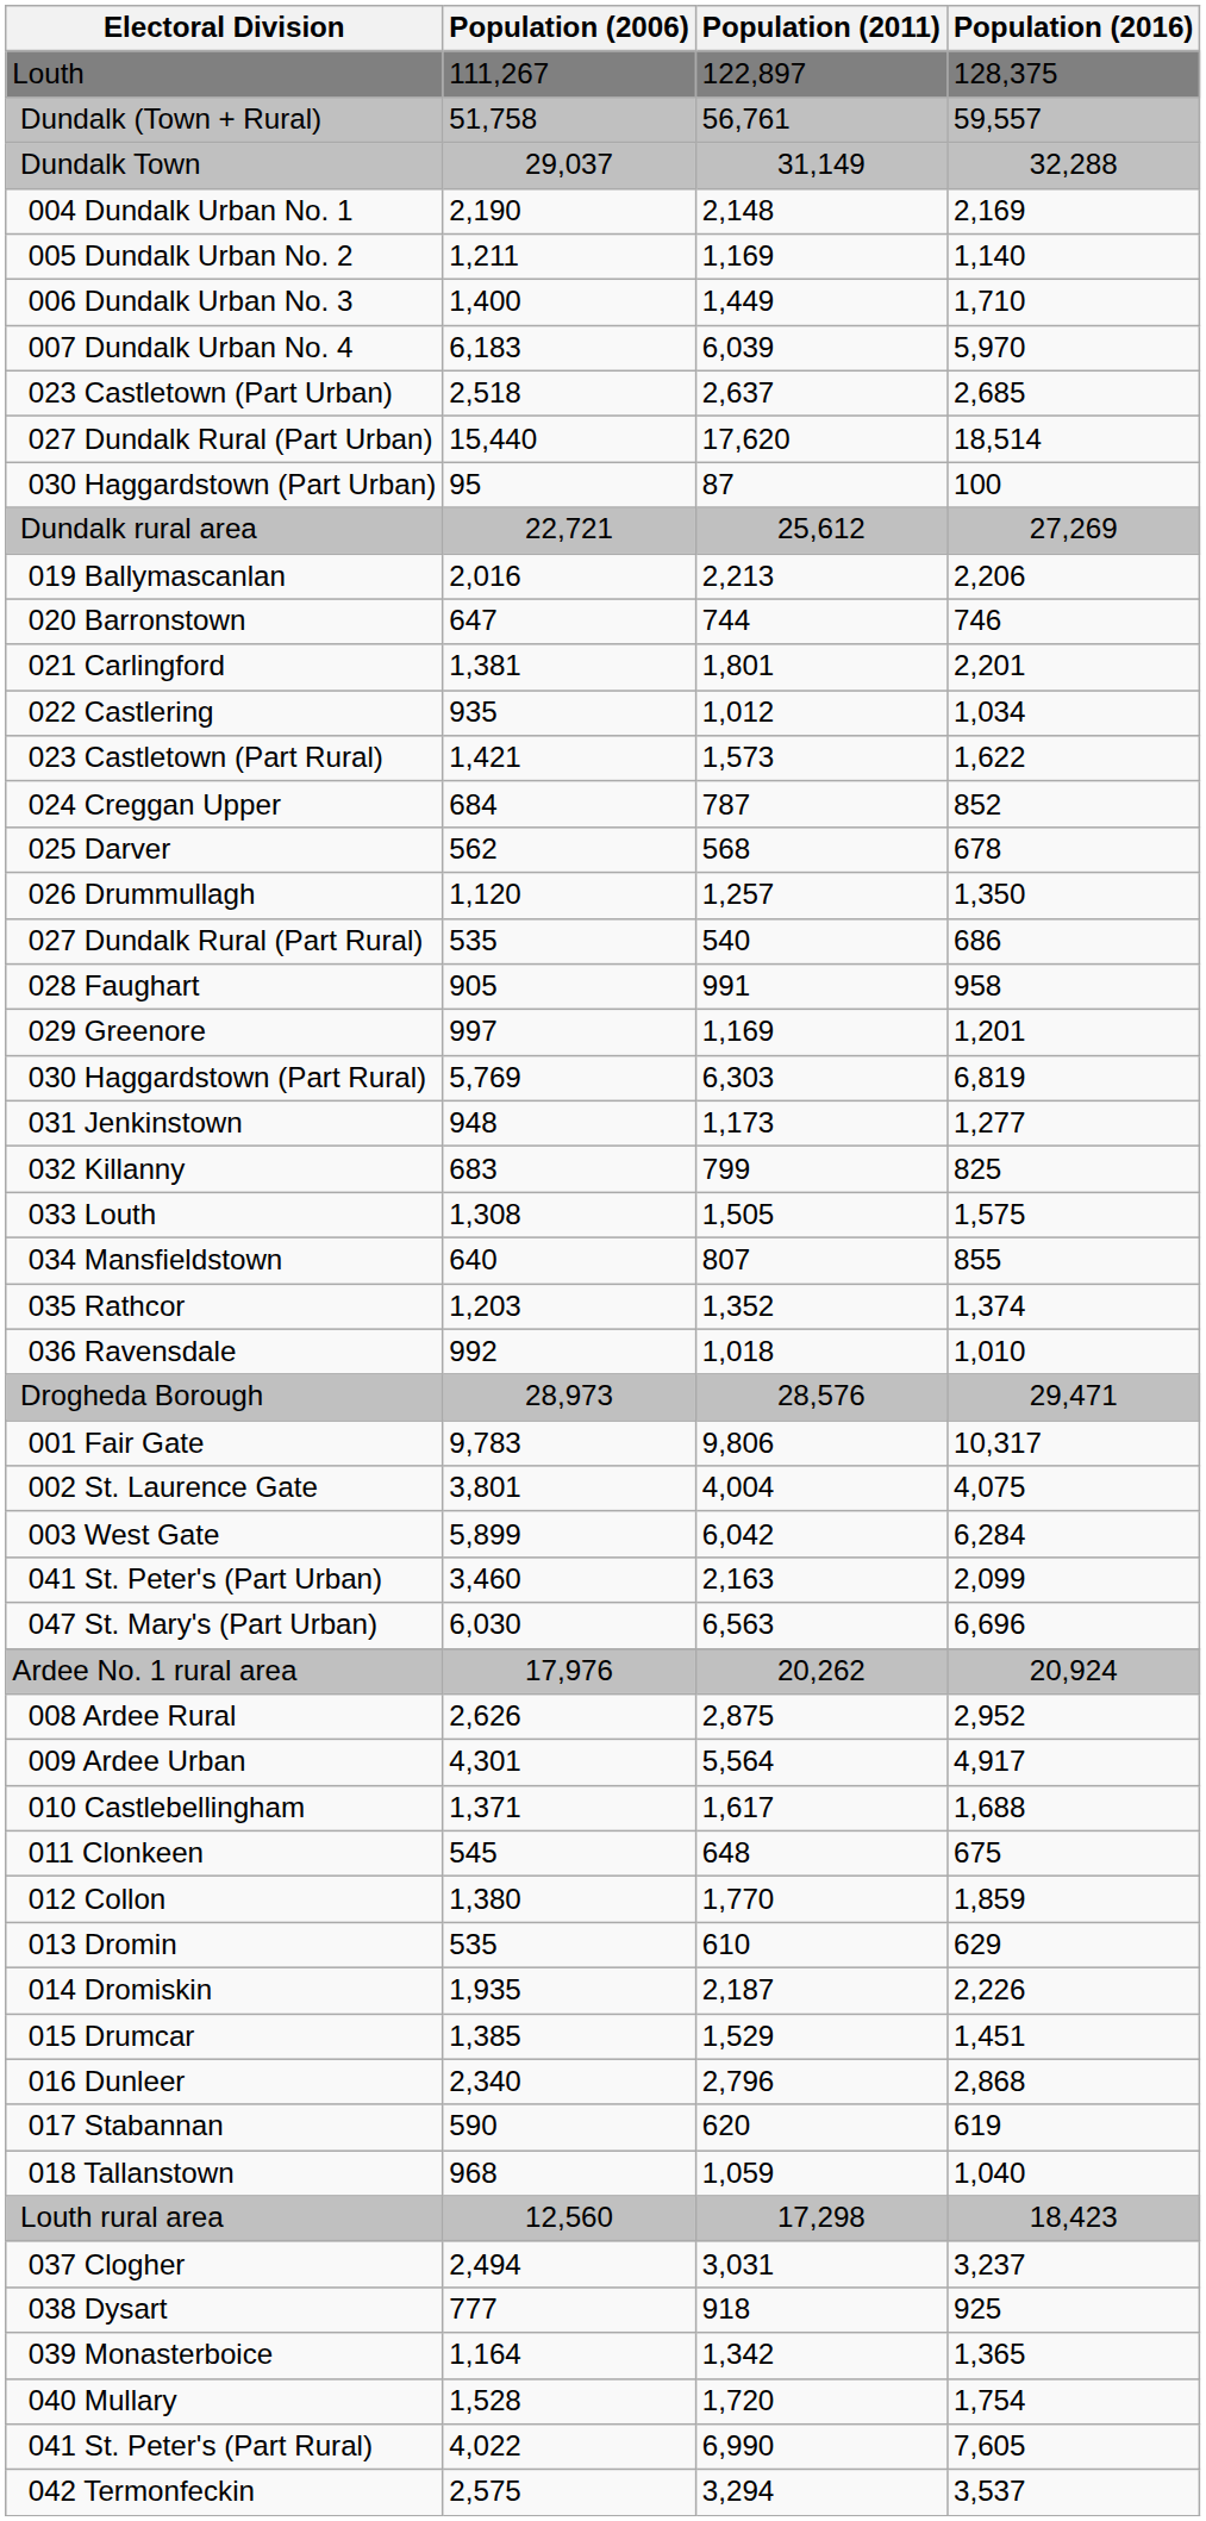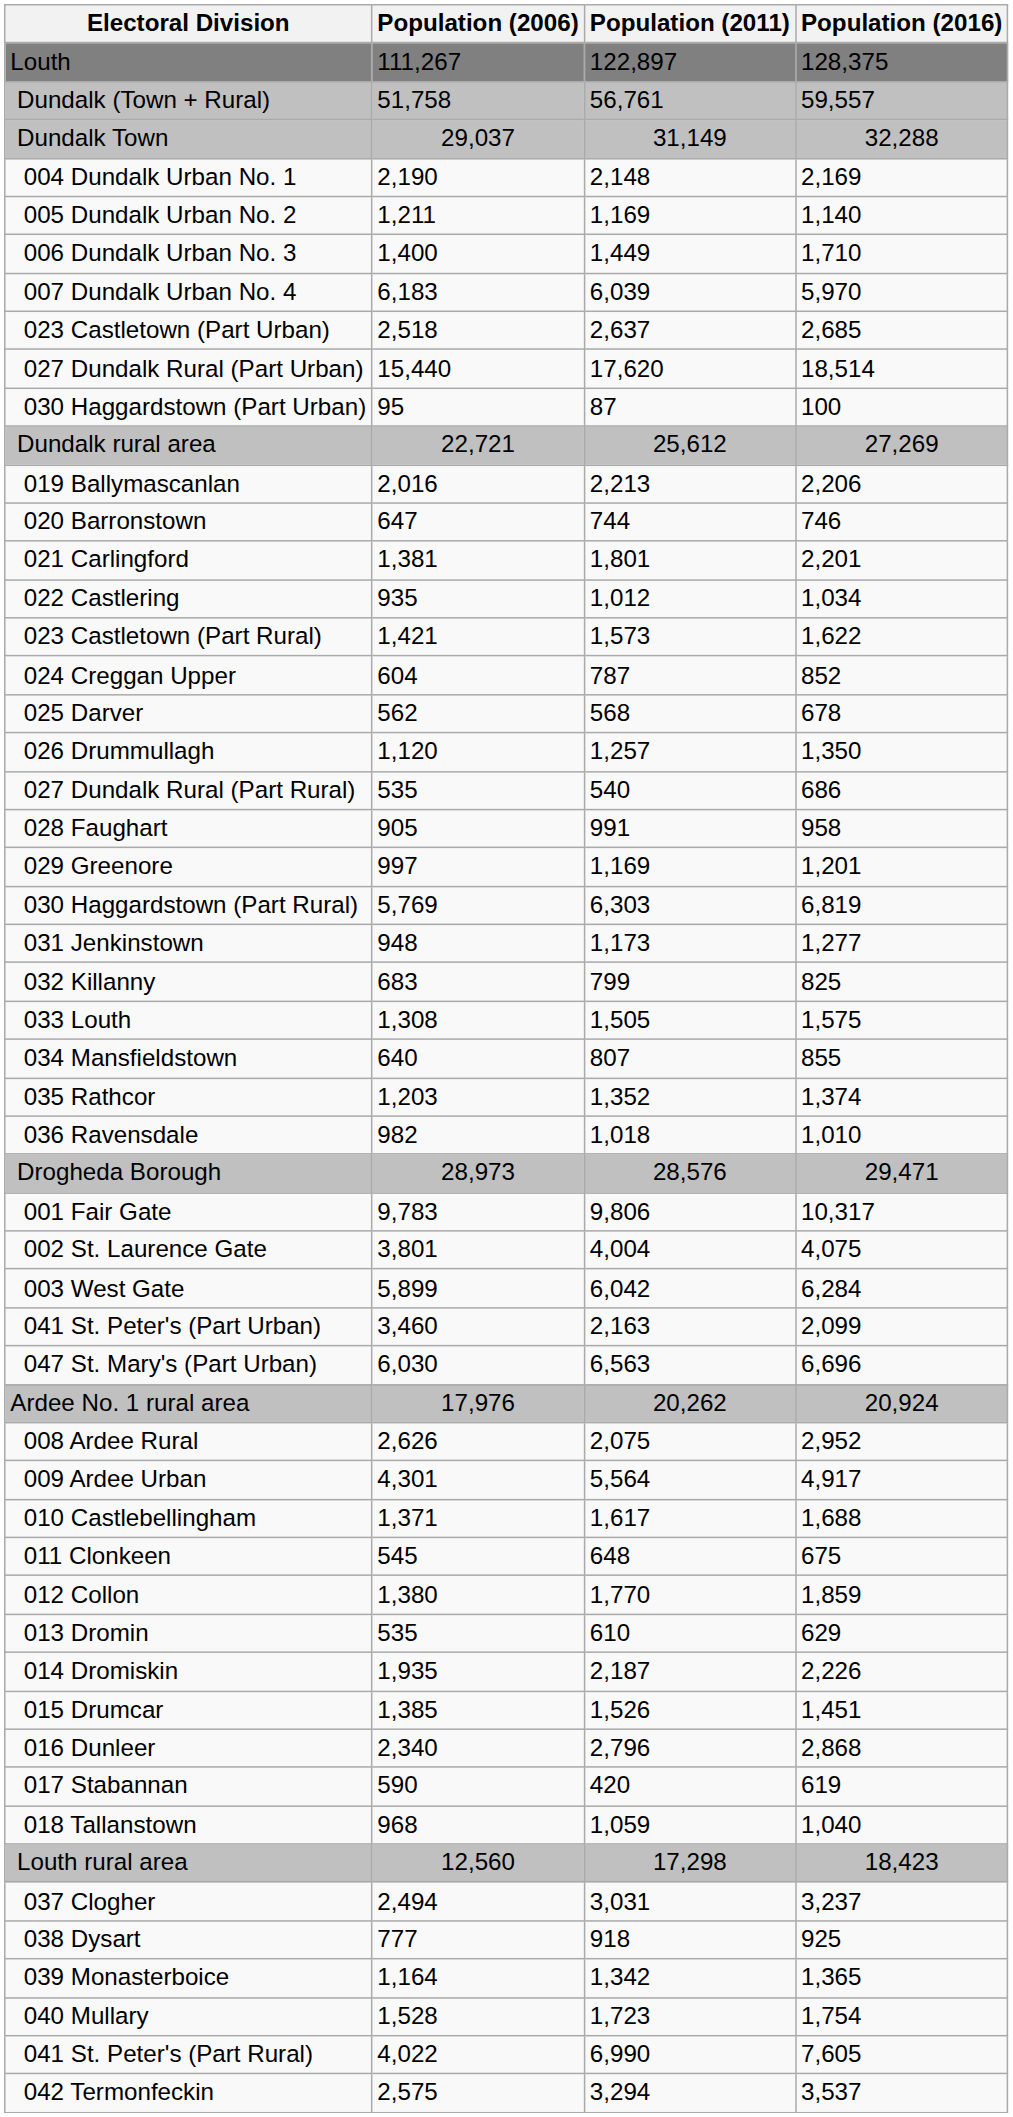 <table class="wikitable collapsible collapsed">
 <tr>
 <th align="left">Electoral Division</th>
 <th align="left">Population (2006)</th>
 <th align="left">Population (2011)</th>
 <th align="left">Population (2016)</th>
 </tr>
 <tr style="background: grey">
 <td>Louth</td>
 <td>111,267</td>
 <td>122,897</td>
 <td>128,375</td>
 </tr>
 <tr style="background: silver">
 <td> Dundalk (Town + Rural)</td>
 <td>51,758</td>
 <td>56,761</td>
 <td>59,557</td>
 </tr>
 <tr style="background: silver">
 <td> Dundalk Town</td>
 <td align="center">29,037</td>
 <td align="center">31,149</td>
 <td align="center">32,288</td>
 </tr>
 <tr>
 <td>  004 Dundalk Urban No. 1</td>
 <td>2,190</td>
 <td>2,148</td>
 <td>2,169</td>
 </tr>
 <tr>
 <td>  005 Dundalk Urban No. 2</td>
 <td>1,211</td>
 <td>1,169</td>
 <td>1,140</td>
 </tr>
 <tr>
 <td>  006 Dundalk Urban No. 3</td>
 <td>1,400</td>
 <td>1,449</td>
 <td>1,710</td>
 </tr>
 <tr>
 <td>  007 Dundalk Urban No. 4</td>
 <td>6,183</td>
 <td>6,039</td>
 <td>5,970</td>
 </tr>
 <tr>
 <td>  023 Castletown (Part Urban)</td>
 <td>2,518</td>
 <td>2,637</td>
 <td>2,685</td>
 </tr>
 <tr>
 <td>  027 Dundalk Rural (Part Urban)</td>
 <td>15,440</td>
 <td>17,620</td>
 <td>18,514</td>
 </tr>
 <tr>
 <td>  030 Haggardstown (Part Urban)</td>
 <td>95</td>
 <td>87</td>
 <td>100</td>
 </tr>
 <tr style="background: silver">
 <td> Dundalk rural area</td>
 <td align="center">22,721</td>
 <td align="center">25,612</td>
 <td align="center">27,269</td>
 </tr>
 <tr>
 <td>  019 Ballymascanlan</td>
 <td>2,016</td>
 <td>2,213</td>
 <td>2,206</td>
 </tr>
 <tr>
 <td>  020 Barronstown</td>
 <td>647</td>
 <td>744</td>
 <td>746</td>
 </tr>
 <tr>
 <td>  021 Carlingford</td>
 <td>1,381</td>
 <td>1,801</td>
 <td>2,201</td>
 </tr>
 <tr>
 <td>  022 Castlering</td>
 <td>935</td>
 <td>1,012</td>
 <td>1,034</td>
 </tr>
 <tr>
 <td>  023 Castletown (Part Rural)</td>
 <td>1,421</td>
 <td>1,573</td>
 <td>1,622</td>
 </tr>
 <tr>
 <td>  024 Creggan Upper</td>
-<td>684</td>
+<td>604</td>
 <td>787</td>
 <td>852</td>
 </tr>
 <tr>
 <td>  025 Darver</td>
 <td>562</td>
 <td>568</td>
 <td>678</td>
 </tr>
 <tr>
 <td>  026 Drummullagh</td>
 <td>1,120</td>
 <td>1,257</td>
 <td>1,350</td>
 </tr>
 <tr>
 <td>  027 Dundalk Rural (Part Rural)</td>
 <td>535</td>
 <td>540</td>
 <td>686</td>
 </tr>
 <tr>
 <td>  028 Faughart</td>
 <td>905</td>
 <td>991</td>
 <td>958</td>
 </tr>
 <tr>
 <td>  029 Greenore</td>
 <td>997</td>
 <td>1,169</td>
 <td>1,201</td>
 </tr>
 <tr>
 <td>  030 Haggardstown (Part Rural)</td>
 <td>5,769</td>
 <td>6,303</td>
 <td>6,819</td>
 </tr>
 <tr>
 <td>  031 Jenkinstown</td>
 <td>948</td>
 <td>1,173</td>
 <td>1,277</td>
 </tr>
 <tr>
 <td>  032 Killanny</td>
 <td>683</td>
 <td>799</td>
 <td>825</td>
 </tr>
 <tr>
 <td>  033 Louth</td>
 <td>1,308</td>
 <td>1,505</td>
 <td>1,575</td>
 </tr>
 <tr>
 <td>  034 Mansfieldstown</td>
 <td>640</td>
 <td>807</td>
 <td>855</td>
 </tr>
 <tr>
 <td>  035 Rathcor</td>
 <td>1,203</td>
 <td>1,352</td>
 <td>1,374</td>
 </tr>
 <tr>
 <td>  036 Ravensdale</td>
-<td>992</td>
+<td>982</td>
 <td>1,018</td>
 <td>1,010</td>
 </tr>
 <tr style="background: silver">
 <td> Drogheda Borough</td>
 <td align="center">28,973</td>
 <td align="center">28,576</td>
 <td align="center">29,471</td>
 </tr>
 <tr>
 <td>  001 Fair Gate</td>
 <td>9,783</td>
 <td>9,806</td>
 <td>10,317</td>
 </tr>
 <tr>
 <td>  002 St. Laurence Gate</td>
 <td>3,801</td>
 <td>4,004</td>
 <td>4,075</td>
 </tr>
 <tr>
 <td>  003 West Gate</td>
 <td>5,899</td>
 <td>6,042</td>
 <td>6,284</td>
 </tr>
 <tr>
 <td>  041 St. Peter's (Part Urban)</td>
 <td>3,460</td>
 <td>2,163</td>
 <td>2,099</td>
 </tr>
 <tr>
 <td>  047 St. Mary's (Part Urban)</td>
 <td>6,030</td>
 <td>6,563</td>
 <td>6,696</td>
 </tr>
 <tr style="background: silver">
 <td>Ardee No. 1 rural area</td>
 <td align="center">17,976</td>
 <td align="center">20,262</td>
 <td align="center">20,924</td>
 </tr>
 <tr>
 <td>  008 Ardee Rural</td>
 <td>2,626</td>
-<td>2,875</td>
+<td>2,075</td>
 <td>2,952</td>
 </tr>
 <tr>
 <td>  009 Ardee Urban</td>
 <td>4,301</td>
 <td>5,564</td>
 <td>4,917</td>
 </tr>
 <tr>
 <td>  010 Castlebellingham</td>
 <td>1,371</td>
 <td>1,617</td>
 <td>1,688</td>
 </tr>
 <tr>
 <td>  011 Clonkeen</td>
 <td>545</td>
 <td>648</td>
 <td>675</td>
 </tr>
 <tr>
 <td>  012 Collon</td>
 <td>1,380</td>
 <td>1,770</td>
 <td>1,859</td>
 </tr>
 <tr>
 <td>  013 Dromin</td>
 <td>535</td>
 <td>610</td>
 <td>629</td>
 </tr>
 <tr>
 <td>  014 Dromiskin</td>
 <td>1,935</td>
 <td>2,187</td>
 <td>2,226</td>
 </tr>
 <tr>
 <td>  015 Drumcar</td>
 <td>1,385</td>
-<td>1,529</td>
+<td>1,526</td>
 <td>1,451</td>
 </tr>
 <tr>
 <td>  016 Dunleer</td>
 <td>2,340</td>
 <td>2,796</td>
 <td>2,868</td>
 </tr>
 <tr>
 <td>  017 Stabannan</td>
 <td>590</td>
-<td>620</td>
+<td>420</td>
 <td>619</td>
 </tr>
 <tr>
 <td>  018 Tallanstown</td>
 <td>968</td>
 <td>1,059</td>
 <td>1,040</td>
 </tr>
 <tr style="background: silver">
 <td> Louth rural area</td>
 <td align="center">12,560</td>
 <td align="center">17,298</td>
 <td align="center">18,423</td>
 </tr>
 <tr>
 <td>  037 Clogher</td>
 <td>2,494</td>
 <td>3,031</td>
 <td>3,237</td>
 </tr>
 <tr>
 <td>  038 Dysart</td>
 <td>777</td>
 <td>918</td>
 <td>925</td>
 </tr>
 <tr>
 <td>  039 Monasterboice</td>
 <td>1,164</td>
 <td>1,342</td>
 <td>1,365</td>
 </tr>
 <tr>
 <td>  040 Mullary</td>
 <td>1,528</td>
-<td>1,720</td>
+<td>1,723</td>
 <td>1,754</td>
 </tr>
 <tr>
 <td>  041 St. Peter's (Part Rural)</td>
 <td>4,022</td>
 <td>6,990</td>
 <td>7,605</td>
 </tr>
 <tr>
 <td>  042 Termonfeckin</td>
 <td>2,575</td>
 <td>3,294</td>
 <td>3,537</td>
 </tr>
 </table>
